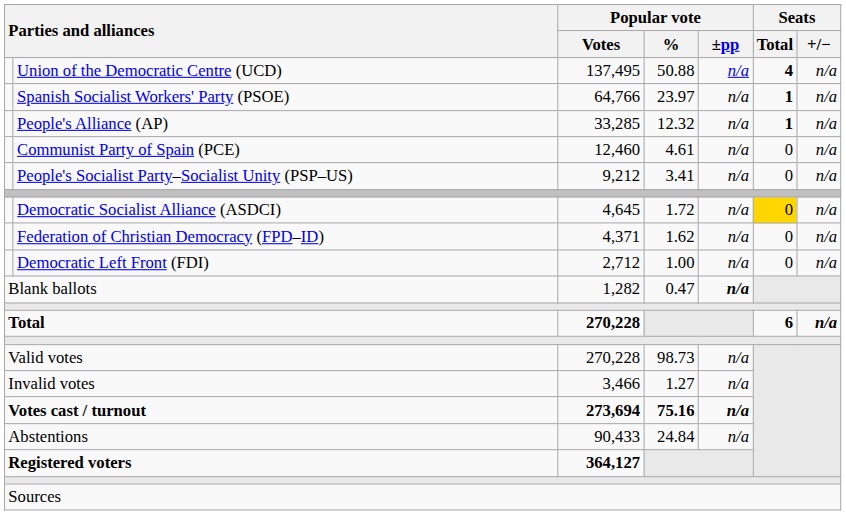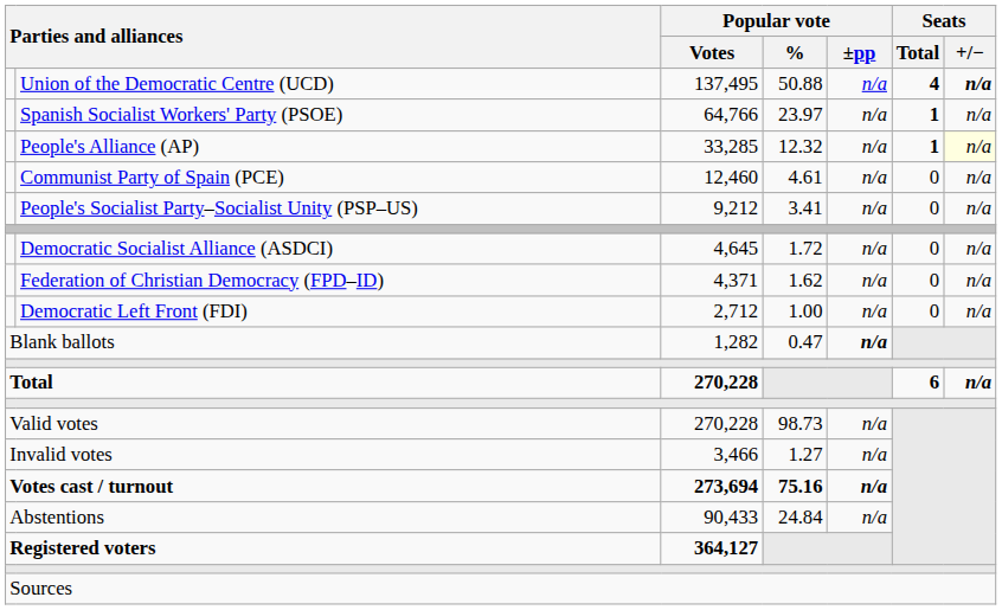 <table class="wikitable" style="text-align:right;">
 <tr>
 <th style="text-align:left;" rowspan="2" colspan="2" width="525">Parties and alliances</th>
 <th colspan="3">Popular vote</th>
 <th colspan="2">Seats</th>
 </tr>
 <tr>
 <th width="75">Votes</th>
 <th width="45">%</th>
 <th width="45">±<a href='#'>pp</a></th>
 <th width="35">Total</th>
 <th width="35">+/−</th>
 </tr>
 <tr>
 <td width="1" style="color:inherit;background:"></td>
 <td align="left"><a href='#'>Union of the Democratic Centre</a> (UCD)</td>
 <td>137,495</td>
 <td>50.88</td>
 <td><em><a href='#'>n/a</a></em></td>
 <td><strong>4</strong></td>
-<td><em>n/a</em></td>
+<td><strong><em>n/a</em></strong></td>
 </tr>
 <tr>
 <td style="color:inherit;background:"></td>
 <td align="left"><a href='#'>Spanish Socialist Workers' Party</a> (PSOE)</td>
 <td>64,766</td>
 <td>23.97</td>
 <td><em>n/a</em></td>
 <td><strong>1</strong></td>
 <td><em>n/a</em></td>
 </tr>
 <tr>
 <td style="color:inherit;background:"></td>
 <td align="left"><a href='#'>People's Alliance</a> (AP)</td>
 <td>33,285</td>
 <td>12.32</td>
 <td><em>n/a</em></td>
 <td><strong>1</strong></td>
-<td><em>n/a</em></td>
+<td style="background: lightyellow;"><em>n/a</em></td>
 </tr>
 <tr>
 <td style="color:inherit;background:"></td>
 <td align="left"><a href='#'>Communist Party of Spain</a> (PCE)</td>
 <td>12,460</td>
 <td>4.61</td>
 <td><em>n/a</em></td>
 <td>0</td>
 <td><em>n/a</em></td>
 </tr>
 <tr>
 <td style="color:inherit;background:"></td>
 <td align="left"><a href='#'>People's Socialist Party</a>–<a href='#'>Socialist Unity</a> (PSP–US)</td>
 <td>9,212</td>
 <td>3.41</td>
 <td><em>n/a</em></td>
 <td>0</td>
 <td><em>n/a</em></td>
 </tr>
 <tr>
 <td colspan="7" bgcolor="#C0C0C0"></td>
 </tr>
 <tr>
 <td style="color:inherit;background:"></td>
 <td align="left"><a href='#'>Democratic Socialist Alliance</a> (ASDCI)</td>
 <td>4,645</td>
 <td>1.72</td>
 <td><em>n/a</em></td>
-<td style="background: gold;">0</td>
+<td>0</td>
 <td><em>n/a</em></td>
 </tr>
 <tr>
 <td style="color:inherit;background:"></td>
 <td align="left"><a href='#'>Federation of Christian Democracy</a> (<a href='#'>FPD</a>–<a href='#'>ID</a>)</td>
 <td>4,371</td>
 <td>1.62</td>
 <td><em>n/a</em></td>
 <td>0</td>
 <td><em>n/a</em></td>
 </tr>
 <tr>
 <td width="1" style="color:inherit;background:"></td>
 <td align="left"><a href='#'>Democratic Left Front</a> (FDI)</td>
 <td>2,712</td>
 <td>1.00</td>
 <td><em>n/a</em></td>
 <td>0</td>
 <td><em>n/a</em></td>
 </tr>
 <tr>
 <td align="left" colspan="2">Blank ballots</td>
 <td>1,282</td>
 <td>0.47</td>
 <td><strong><em>n/a</em></strong></td>
 <td bgcolor="#E9E9E9" colspan="2"></td>
 </tr>
 <tr>
 <td colspan="7" bgcolor="#E9E9E9"></td>
 </tr>
 <tr style="font-weight:bold;">
 <td align="left" colspan="2">Total</td>
 <td>270,228</td>
 <td bgcolor="#E9E9E9" colspan="2"></td>
 <td>6</td>
 <td><em>n/a</em></td>
 </tr>
 <tr>
 <td colspan="7" bgcolor="#E9E9E9"></td>
 </tr>
 <tr>
 <td align="left" colspan="2">Valid votes</td>
 <td>270,228</td>
 <td>98.73</td>
 <td><em>n/a</em></td>
 <td bgcolor="#E9E9E9" colspan="2" rowspan="5"></td>
 </tr>
 <tr>
 <td align="left" colspan="2">Invalid votes</td>
 <td>3,466</td>
 <td>1.27</td>
 <td><em>n/a</em></td>
 </tr>
 <tr style="font-weight:bold;">
 <td align="left" colspan="2">Votes cast / turnout</td>
 <td>273,694</td>
 <td>75.16</td>
 <td><em>n/a</em></td>
 </tr>
 <tr>
 <td align="left" colspan="2">Abstentions</td>
 <td>90,433</td>
 <td>24.84</td>
 <td><em>n/a</em></td>
 </tr>
 <tr style="font-weight:bold;">
 <td align="left" colspan="2">Registered voters</td>
 <td>364,127</td>
 <td bgcolor="#E9E9E9" colspan="2"></td>
 </tr>
 <tr>
 <td colspan="7" bgcolor="#E9E9E9"></td>
 </tr>
 <tr>
 <td align="left" colspan="7">Sources</td>
 </tr>
 </table>
